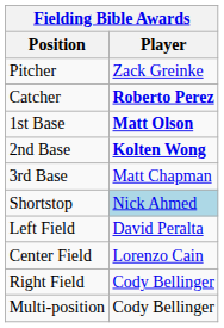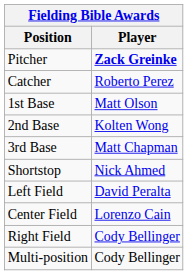 <table class="wikitable">
 <tr>
 <th colspan="9"><a href='#'>Fielding Bible Awards</a></th>
 </tr>
 <tr>
 <th>Position</th>
 <th>Player</th>
 </tr>
 <tr>
 <td>Pitcher</td>
-<td><a href='#'>Zack Greinke</a></td>
+<td><strong><a href='#'>Zack Greinke</a></strong></td>
 </tr>
 <tr>
 <td>Catcher</td>
-<td><strong><a href='#'>Roberto Perez</a></strong></td>
+<td><a href='#'>Roberto Perez</a></td>
 </tr>
 <tr>
 <td>1st Base</td>
-<td><strong><a href='#'>Matt Olson</a></strong></td>
+<td><a href='#'>Matt Olson</a></td>
 </tr>
 <tr>
 <td>2nd Base</td>
-<td><strong><a href='#'>Kolten Wong</a></strong></td>
+<td><a href='#'>Kolten Wong</a></td>
 </tr>
 <tr>
 <td>3rd Base</td>
 <td><a href='#'>Matt Chapman</a></td>
 </tr>
 <tr>
 <td>Shortstop</td>
-<td style="background: lightblue;"><a href='#'>Nick Ahmed</a></td>
+<td><a href='#'>Nick Ahmed</a></td>
 </tr>
 <tr>
 <td>Left Field</td>
 <td><a href='#'>David Peralta</a></td>
 </tr>
 <tr>
 <td>Center Field</td>
 <td><a href='#'>Lorenzo Cain</a></td>
 </tr>
 <tr>
 <td>Right Field</td>
 <td><a href='#'>Cody Bellinger</a></td>
 </tr>
 <tr>
 <td>Multi-position</td>
 <td>Cody Bellinger</td>
 </tr>
 </table>
